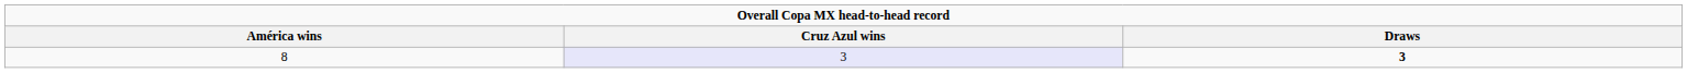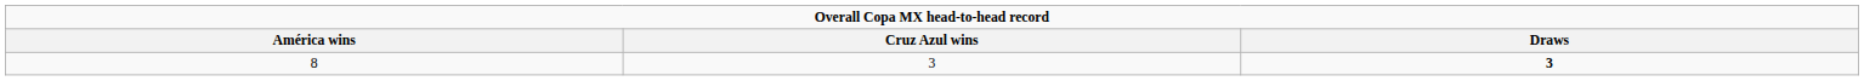 <table class="wikitable" style="font-size:90%;width:95%;text-align:center">
 <tr>
 <td colspan="3"><strong>Overall Copa MX head-to-head record</strong></td>
 </tr>
 <tr>
 <th width="33%">América wins</th>
 <th width="33%">Cruz Azul wins</th>
 <th width="33%">Draws</th>
 </tr>
 <tr>
 <td>8</td>
-<td style="background: lavender;">3</td>
+<td>3</td>
 <td><strong>3</strong></td>
 </tr>
 </table>
